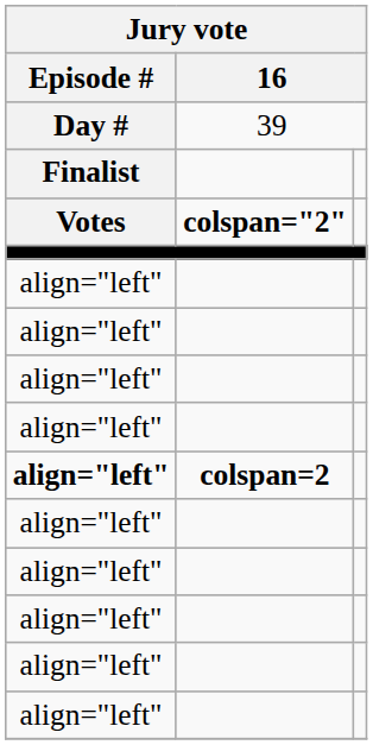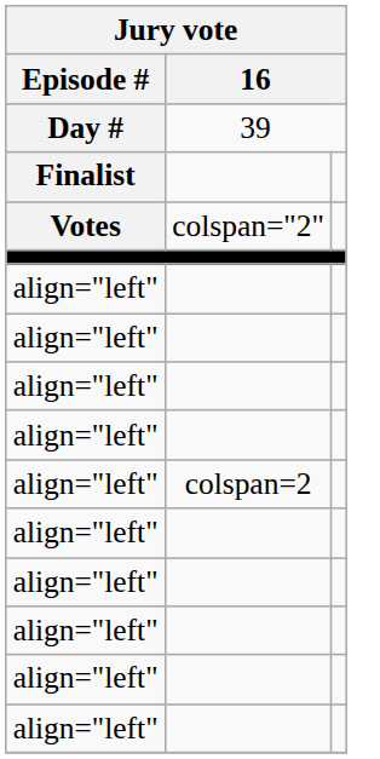 <table class="wikitable nowrap" style="text-align:center; font-size:100%">
 <tr>
 <th colspan="3">Jury vote</th>
 </tr>
 <tr>
 <th>Episode #</th>
 <th colspan="2">16</th>
 </tr>
 <tr>
 <th>Day #</th>
 <td colspan="2">39</td>
 </tr>
 <tr>
 <th>Finalist</th>
 <td></td>
 <td></td>
 </tr>
 <tr>
 <th>Votes</th>
-<td><strong>colspan="2" </strong></td>
+<td>colspan="2" </td>
 </tr>
 <tr>
 <th colspan="4" style="background:black;"></th>
 </tr>
 <tr>
 <td>align="left" </td>
 <td></td>
 <td></td>
 </tr>
 <tr>
 <td>align="left" </td>
 <td></td>
 <td></td>
 </tr>
 <tr>
 <td>align="left" </td>
 <td></td>
 <td></td>
 </tr>
 <tr>
 <td>align="left" </td>
 <td></td>
 <td></td>
 </tr>
 <tr>
-<td><strong>align="left" </strong></td>
-<td><strong>colspan=2 </strong></td>
+<td>align="left" </td>
+<td>colspan=2 </td>
 </tr>
 <tr>
 <td>align="left" </td>
 <td></td>
 <td></td>
 </tr>
 <tr>
 <td>align="left" </td>
 <td></td>
 <td></td>
 </tr>
 <tr>
 <td>align="left" </td>
 <td></td>
 <td></td>
 </tr>
 <tr>
 <td>align="left" </td>
 <td></td>
 <td></td>
 </tr>
 <tr>
 <td>align="left" </td>
 <td></td>
 <td></td>
 </tr>
 <tr>
 </tr>
 </table>
